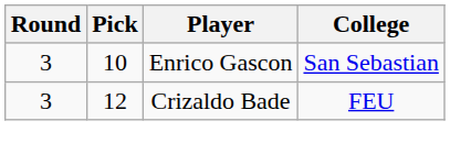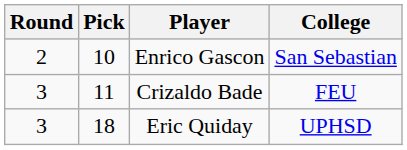 <table class="wikitable sortable sortable">
 <tr>
 <th>Round</th>
 <th>Pick</th>
 <th>Player</th>
 <th>College</th>
 </tr>
 <tr style="text-align: center">
-<td align="center">3</td>
+<td align="center">2</td>
 <td align="center">10</td>
 <td>Enrico Gascon</td>
 <td><a href='#'>San Sebastian</a></td>
 </tr>
 <tr style="text-align: center">
 <td align="center">3</td>
-<td align="center">12</td>
+<td align="center">11</td>
 <td>Crizaldo Bade</td>
 <td><a href='#'>FEU</a></td>
 </tr>
+<tr style="text-align: center">
+<td align="center">3</td>
+<td align="center">18</td>
+<td>Eric Quiday</td>
+<td><a href='#'>UPHSD</a></td>
+</tr>
 </table>
